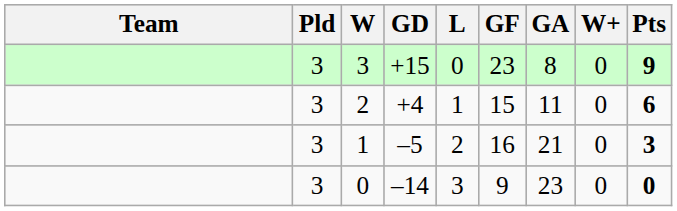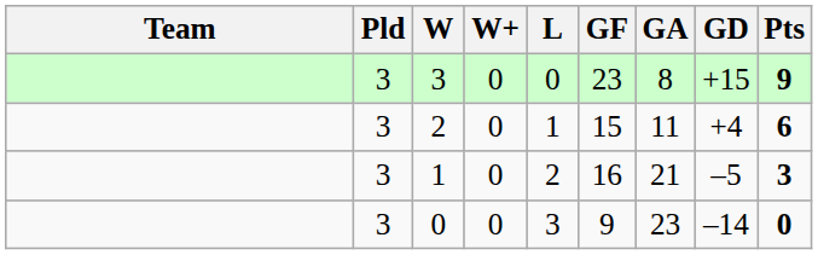 <table class="wikitable" style="text-align: center;">
 <tr>
 <th style="width:175px;">Team</th>
 <th width="20">Pld</th>
 <th width="20">W</th>
-<th width="20">GD</th>
+<th width="20">W+</th>
 <th width="20">L</th>
 <th width="20">GF</th>
 <th width="20">GA</th>
-<th width="20">W+</th>
+<th width="20">GD</th>
 <th width="20">Pts</th>
 </tr>
 <tr style="text-align:center; background:#cfc;">
 <td style="text-align:left;"></td>
 <td>3</td>
 <td>3</td>
-<td>+15</td>
+<td>0</td>
 <td>0</td>
 <td>23</td>
 <td>8</td>
-<td>0</td>
+<td>+15</td>
 <td><strong>9</strong></td>
 </tr>
 <tr style="text-align:center;">
 <td style="text-align:left;"></td>
 <td>3</td>
 <td>2</td>
-<td>+4</td>
+<td>0</td>
 <td>1</td>
 <td>15</td>
 <td>11</td>
-<td>0</td>
+<td>+4</td>
 <td><strong>6</strong></td>
 </tr>
 <tr style="text-align:center;">
 <td style="text-align:left;"></td>
 <td>3</td>
 <td>1</td>
-<td>–5</td>
+<td>0</td>
 <td>2</td>
 <td>16</td>
 <td>21</td>
-<td>0</td>
+<td>–5</td>
 <td><strong>3</strong></td>
 </tr>
 <tr style="text-align:center;">
 <td style="text-align:left;"></td>
 <td>3</td>
 <td>0</td>
-<td>–14</td>
+<td>0</td>
 <td>3</td>
 <td>9</td>
 <td>23</td>
-<td>0</td>
+<td>–14</td>
 <td><strong>0</strong></td>
 </tr>
 </table>
